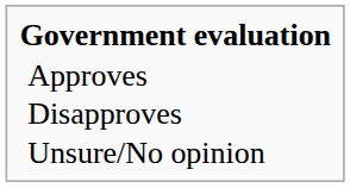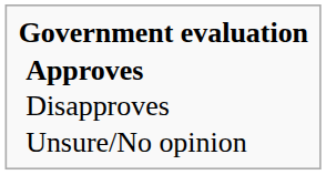 <table style="float; margin-left: 1em; margin-bottom: 0.5em" class="infobox">
 <tr>
 <td style="text-align: center"><span><strong>Government evaluation</strong></span></td>
 </tr>
 <tr>
-<td style="padding: 0 5px;"> Approves</td>
+<td style="padding: 0 5px;"><strong> Approves</strong></td>
 </tr>
 <tr>
 <td style="padding: 0 5px;"> Disapproves</td>
 </tr>
 <tr>
 <td style="padding: 0 5px;"> Unsure/No opinion</td>
 </tr>
 </table>
